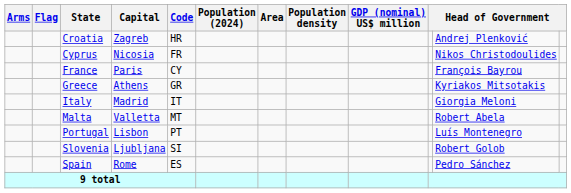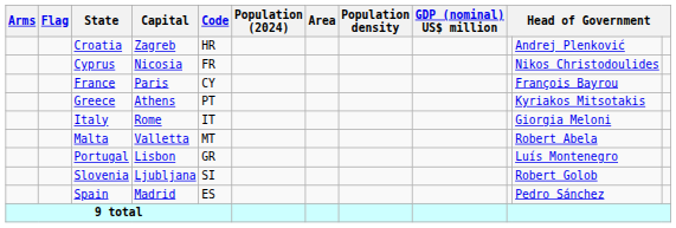 <table class="wikitable sortable mw-collapsible" style="margin:2px auto">
 <tr>
 <th class="unsortable"><a href='#'>Arms</a></th>
 <th class="unsortable"><a href='#'>Flag</a></th>
 <th>State</th>
 <th>Capital</th>
 <th><a href='#'>Code</a></th>
 <th>Population<br> (2024)</th>
 <th>Area</th>
 <th>Population<br> density</th>
 <th><a href='#'>GDP (nominal)</a><br>US$ million</th>
 <th colspan="3">Head of Government</th>
 </tr>
 <tr>
 <td></td>
 <td></td>
 <td><a href='#'>Croatia</a></td>
 <td><a href='#'>Zagreb</a></td>
 <td>HR</td>
 <td style="text-align:right"></td>
 <td style="text-align:right"></td>
 <td style="text-align:right"></td>
 <td style="text-align:right"></td>
 <td></td>
 <td><a href='#'>Andrej Plenković</a></td>
 <td style="width:4px;background:"></td>
 </tr>
 <tr>
 <td></td>
 <td></td>
 <td><a href='#'>Cyprus</a></td>
 <td><a href='#'>Nicosia</a></td>
 <td>FR</td>
 <td style="text-align:right"></td>
 <td style="text-align:right"></td>
 <td style="text-align:right"></td>
 <td style="text-align:right"></td>
 <td></td>
 <td><a href='#'>Nikos Christodoulides</a></td>
 <td style="width:4px;background:"></td>
 </tr>
 <tr>
 <td></td>
 <td></td>
 <td><a href='#'>France</a></td>
 <td><a href='#'>Paris</a></td>
 <td>CY</td>
 <td style="text-align:right"></td>
 <td style="text-align:right"></td>
 <td style="text-align:right"></td>
 <td style="text-align:right"></td>
 <td></td>
 <td><a href='#'>François Bayrou</a></td>
 <td style="width:4px;background:"></td>
 </tr>
 <tr>
 <td></td>
 <td></td>
 <td><a href='#'>Greece</a></td>
 <td><a href='#'>Athens</a></td>
-<td>GR</td>
+<td>PT</td>
 <td style="text-align:right"></td>
 <td style="text-align:right"></td>
 <td style="text-align:right"></td>
 <td style="text-align:right"></td>
 <td></td>
 <td><a href='#'>Kyriakos Mitsotakis</a></td>
 <td style="width:4px;background:"></td>
 </tr>
 <tr>
 <td></td>
 <td></td>
 <td><a href='#'>Italy</a></td>
-<td><a href='#'>Madrid</a></td>
+<td><a href='#'>Rome</a></td>
 <td>IT</td>
 <td style="text-align:right"></td>
 <td style="text-align:right"></td>
 <td style="text-align:right"></td>
 <td style="text-align:right"></td>
 <td></td>
 <td><a href='#'>Giorgia Meloni</a></td>
 <td style="width:4px;background:"></td>
 </tr>
 <tr>
 <td></td>
 <td></td>
 <td><a href='#'>Malta</a></td>
 <td><a href='#'>Valletta</a></td>
 <td>MT</td>
 <td style="text-align:right"></td>
 <td style="text-align:right"></td>
 <td style="text-align:right"></td>
 <td style="text-align:right"></td>
 <td></td>
 <td><a href='#'>Robert Abela</a></td>
 <td style="width:4px;background:"></td>
 </tr>
 <tr>
 <td></td>
 <td></td>
 <td><a href='#'>Portugal</a></td>
 <td><a href='#'>Lisbon</a></td>
-<td>PT</td>
+<td>GR</td>
 <td style="text-align:right"></td>
 <td style="text-align:right"></td>
 <td style="text-align:right"></td>
 <td style="text-align:right"></td>
 <td></td>
 <td><a href='#'>Luís Montenegro</a></td>
 <td style="width:4px;background:"></td>
 </tr>
 <tr>
 <td></td>
 <td></td>
 <td><a href='#'>Slovenia</a></td>
 <td><a href='#'>Ljubljana</a></td>
 <td>SI</td>
 <td style="text-align:right"></td>
 <td style="text-align:right"></td>
 <td style="text-align:right"></td>
 <td style="text-align:right"></td>
 <td></td>
 <td><a href='#'>Robert Golob</a></td>
 <td style="width:4px;background:"></td>
 </tr>
 <tr>
 <td></td>
 <td></td>
 <td><a href='#'>Spain</a></td>
-<td><a href='#'>Rome</a></td>
+<td><a href='#'>Madrid</a></td>
 <td>ES</td>
 <td style="text-align:right"></td>
 <td style="text-align:right"></td>
 <td style="text-align:right"></td>
 <td style="text-align:right"></td>
 <td></td>
 <td><a href='#'>Pedro Sánchez</a></td>
 <td style="width:4px;background:"></td>
 </tr>
 <tr class="sortbottom">
 <th style="background:#CFF" colspan="5">9 total</th>
 <th style="background:#CFF;text-align:right"></th>
 <th style="background:#CFF;text-align:right"></th>
 <th style="background:#CFF;text-align:right"></th>
 <th style="background:#CFF;text-align:right"></th>
 <th style="background:#CFF" colspan="3"></th>
 </tr>
 </table>
